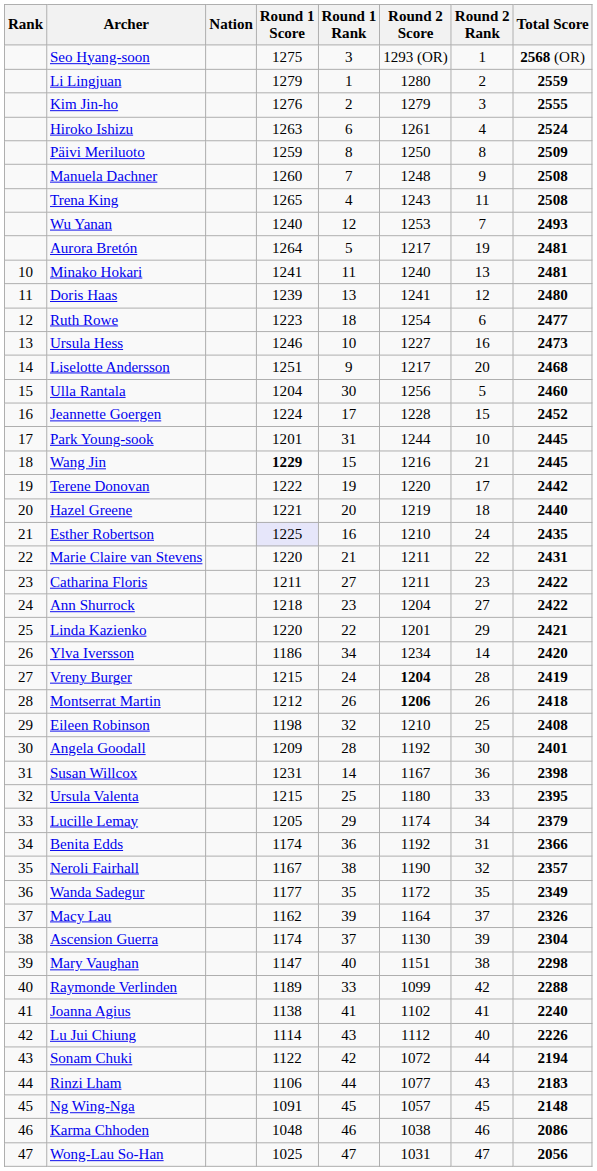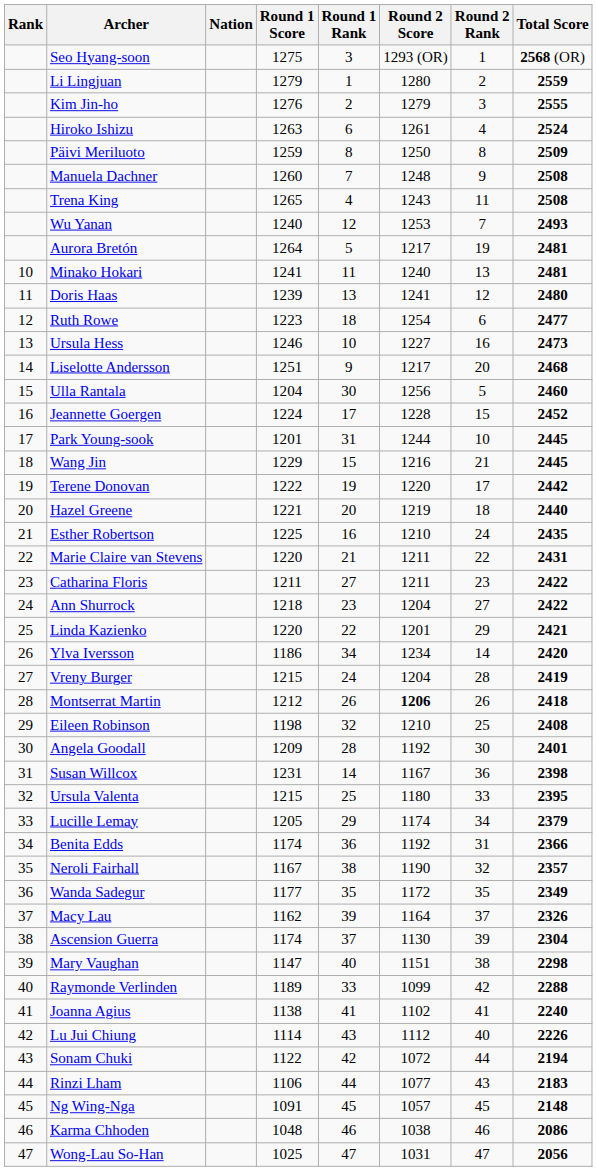 <table class="wikitable sortable" style="text-align:center;">
 <tr>
 <th>Rank</th>
 <th>Archer</th>
 <th>Nation</th>
 <th>Round 1 <br> Score</th>
 <th>Round 1 <br> Rank</th>
 <th>Round 2 <br> Score</th>
 <th>Round 2 <br> Rank</th>
 <th>Total Score</th>
 </tr>
 <tr>
 <td></td>
 <td align=left><a href='#'>Seo Hyang-soon</a></td>
 <td align=left></td>
 <td>1275</td>
 <td>3</td>
 <td>1293 (OR)</td>
 <td>1</td>
 <td><strong>2568</strong> (OR)</td>
 </tr>
 <tr>
 <td></td>
 <td align=left><a href='#'>Li Lingjuan</a></td>
 <td align=left></td>
 <td>1279</td>
 <td>1</td>
 <td>1280</td>
 <td>2</td>
 <td><strong>2559</strong></td>
 </tr>
 <tr>
 <td></td>
 <td align=left><a href='#'>Kim Jin-ho</a></td>
 <td align=left></td>
 <td>1276</td>
 <td>2</td>
 <td>1279</td>
 <td>3</td>
 <td><strong>2555</strong></td>
 </tr>
 <tr>
 <td></td>
 <td align=left><a href='#'>Hiroko Ishizu</a></td>
 <td align=left></td>
 <td>1263</td>
 <td>6</td>
 <td>1261</td>
 <td>4</td>
 <td><strong>2524</strong></td>
 </tr>
 <tr>
 <td></td>
 <td align=left><a href='#'>Päivi Meriluoto</a></td>
 <td align=left></td>
 <td>1259</td>
 <td>8</td>
 <td>1250</td>
 <td>8</td>
 <td><strong>2509</strong></td>
 </tr>
 <tr>
 <td></td>
 <td align=left><a href='#'>Manuela Dachner</a></td>
 <td align=left></td>
 <td>1260</td>
 <td>7</td>
 <td>1248</td>
 <td>9</td>
 <td><strong>2508</strong></td>
 </tr>
 <tr>
 <td></td>
 <td align=left><a href='#'>Trena King</a></td>
 <td align=left></td>
 <td>1265</td>
 <td>4</td>
 <td>1243</td>
 <td>11</td>
 <td><strong>2508</strong></td>
 </tr>
 <tr>
 <td></td>
 <td align=left><a href='#'>Wu Yanan</a></td>
 <td align=left></td>
 <td>1240</td>
 <td>12</td>
 <td>1253</td>
 <td>7</td>
 <td><strong>2493</strong></td>
 </tr>
 <tr>
 <td></td>
 <td align=left><a href='#'>Aurora Bretón</a></td>
 <td align=left></td>
 <td>1264</td>
 <td>5</td>
 <td>1217</td>
 <td>19</td>
 <td><strong>2481</strong></td>
 </tr>
 <tr>
 <td>10</td>
 <td align=left><a href='#'>Minako Hokari</a></td>
 <td align=left></td>
 <td>1241</td>
 <td>11</td>
 <td>1240</td>
 <td>13</td>
 <td><strong>2481</strong></td>
 </tr>
 <tr>
 <td>11</td>
 <td align=left><a href='#'>Doris Haas</a></td>
 <td align=left></td>
 <td>1239</td>
 <td>13</td>
 <td>1241</td>
 <td>12</td>
 <td><strong>2480</strong></td>
 </tr>
 <tr>
 <td>12</td>
 <td align=left><a href='#'>Ruth Rowe</a></td>
 <td align=left></td>
 <td>1223</td>
 <td>18</td>
 <td>1254</td>
 <td>6</td>
 <td><strong>2477</strong></td>
 </tr>
 <tr>
 <td>13</td>
 <td align=left><a href='#'>Ursula Hess</a></td>
 <td align=left></td>
 <td>1246</td>
 <td>10</td>
 <td>1227</td>
 <td>16</td>
 <td><strong>2473</strong></td>
 </tr>
 <tr>
 <td>14</td>
 <td align=left><a href='#'>Liselotte Andersson</a></td>
 <td align=left></td>
 <td>1251</td>
 <td>9</td>
 <td>1217</td>
 <td>20</td>
 <td><strong>2468</strong></td>
 </tr>
 <tr>
 <td>15</td>
 <td align=left><a href='#'>Ulla Rantala</a></td>
 <td align=left></td>
 <td>1204</td>
 <td>30</td>
 <td>1256</td>
 <td>5</td>
 <td><strong>2460</strong></td>
 </tr>
 <tr>
 <td>16</td>
 <td align=left><a href='#'>Jeannette Goergen</a></td>
 <td align=left></td>
 <td>1224</td>
 <td>17</td>
 <td>1228</td>
 <td>15</td>
 <td><strong>2452</strong></td>
 </tr>
 <tr>
 <td>17</td>
 <td align=left><a href='#'>Park Young-sook</a></td>
 <td align=left></td>
 <td>1201</td>
 <td>31</td>
 <td>1244</td>
 <td>10</td>
 <td><strong>2445</strong></td>
 </tr>
 <tr>
 <td>18</td>
 <td align=left><a href='#'>Wang Jin</a></td>
 <td align=left></td>
-<td><strong>1229</strong></td>
+<td>1229</td>
 <td>15</td>
 <td>1216</td>
 <td>21</td>
 <td><strong>2445</strong></td>
 </tr>
 <tr>
 <td>19</td>
 <td align=left><a href='#'>Terene Donovan</a></td>
 <td align=left></td>
 <td>1222</td>
 <td>19</td>
 <td>1220</td>
 <td>17</td>
 <td><strong>2442</strong></td>
 </tr>
 <tr>
 <td>20</td>
 <td align=left><a href='#'>Hazel Greene</a></td>
 <td align=left></td>
 <td>1221</td>
 <td>20</td>
 <td>1219</td>
 <td>18</td>
 <td><strong>2440</strong></td>
 </tr>
 <tr>
 <td>21</td>
 <td align=left><a href='#'>Esther Robertson</a></td>
 <td align=left></td>
-<td style="background: lavender;">1225</td>
+<td>1225</td>
 <td>16</td>
 <td>1210</td>
 <td>24</td>
 <td><strong>2435</strong></td>
 </tr>
 <tr>
 <td>22</td>
 <td align=left><a href='#'>Marie Claire van Stevens</a></td>
 <td align=left></td>
 <td>1220</td>
 <td>21</td>
 <td>1211</td>
 <td>22</td>
 <td><strong>2431</strong></td>
 </tr>
 <tr>
 <td>23</td>
 <td align=left><a href='#'>Catharina Floris</a></td>
 <td align=left></td>
 <td>1211</td>
 <td>27</td>
 <td>1211</td>
 <td>23</td>
 <td><strong>2422</strong></td>
 </tr>
 <tr>
 <td>24</td>
 <td align=left><a href='#'>Ann Shurrock</a></td>
 <td align=left></td>
 <td>1218</td>
 <td>23</td>
 <td>1204</td>
 <td>27</td>
 <td><strong>2422</strong></td>
 </tr>
 <tr>
 <td>25</td>
 <td align=left><a href='#'>Linda Kazienko</a></td>
 <td align=left></td>
 <td>1220</td>
 <td>22</td>
 <td>1201</td>
 <td>29</td>
 <td><strong>2421</strong></td>
 </tr>
 <tr>
 <td>26</td>
 <td align=left><a href='#'>Ylva Iversson</a></td>
 <td align=left></td>
 <td>1186</td>
 <td>34</td>
 <td>1234</td>
 <td>14</td>
 <td><strong>2420</strong></td>
 </tr>
 <tr>
 <td>27</td>
 <td align=left><a href='#'>Vreny Burger</a></td>
 <td align=left></td>
 <td>1215</td>
 <td>24</td>
-<td><strong>1204</strong></td>
+<td>1204</td>
 <td>28</td>
 <td><strong>2419</strong></td>
 </tr>
 <tr>
 <td>28</td>
 <td align=left><a href='#'>Montserrat Martin</a></td>
 <td align=left></td>
 <td>1212</td>
 <td>26</td>
 <td><strong>1206</strong></td>
 <td>26</td>
 <td><strong>2418</strong></td>
 </tr>
 <tr>
 <td>29</td>
 <td align=left><a href='#'>Eileen Robinson</a></td>
 <td align=left></td>
 <td>1198</td>
 <td>32</td>
 <td>1210</td>
 <td>25</td>
 <td><strong>2408</strong></td>
 </tr>
 <tr>
 <td>30</td>
 <td align=left><a href='#'>Angela Goodall</a></td>
 <td align=left></td>
 <td>1209</td>
 <td>28</td>
 <td>1192</td>
 <td>30</td>
 <td><strong>2401</strong></td>
 </tr>
 <tr>
 <td>31</td>
 <td align=left><a href='#'>Susan Willcox</a></td>
 <td align=left></td>
 <td>1231</td>
 <td>14</td>
 <td>1167</td>
 <td>36</td>
 <td><strong>2398</strong></td>
 </tr>
 <tr>
 <td>32</td>
 <td align=left><a href='#'>Ursula Valenta</a></td>
 <td align=left></td>
 <td>1215</td>
 <td>25</td>
 <td>1180</td>
 <td>33</td>
 <td><strong>2395</strong></td>
 </tr>
 <tr>
 <td>33</td>
 <td align=left><a href='#'>Lucille Lemay</a></td>
 <td align=left></td>
 <td>1205</td>
 <td>29</td>
 <td>1174</td>
 <td>34</td>
 <td><strong>2379</strong></td>
 </tr>
 <tr>
 <td>34</td>
 <td align=left><a href='#'>Benita Edds</a></td>
 <td align=left></td>
 <td>1174</td>
 <td>36</td>
 <td>1192</td>
 <td>31</td>
 <td><strong>2366</strong></td>
 </tr>
 <tr>
 <td>35</td>
 <td align=left><a href='#'>Neroli Fairhall</a></td>
 <td align=left></td>
 <td>1167</td>
 <td>38</td>
 <td>1190</td>
 <td>32</td>
 <td><strong>2357</strong></td>
 </tr>
 <tr>
 <td>36</td>
 <td align=left><a href='#'>Wanda Sadegur</a></td>
 <td align=left></td>
 <td>1177</td>
 <td>35</td>
 <td>1172</td>
 <td>35</td>
 <td><strong>2349</strong></td>
 </tr>
 <tr>
 <td>37</td>
 <td align=left><a href='#'>Macy Lau</a></td>
 <td align=left></td>
 <td>1162</td>
 <td>39</td>
 <td>1164</td>
 <td>37</td>
 <td><strong>2326</strong></td>
 </tr>
 <tr>
 <td>38</td>
 <td align=left><a href='#'>Ascension Guerra</a></td>
 <td align=left></td>
 <td>1174</td>
 <td>37</td>
 <td>1130</td>
 <td>39</td>
 <td><strong>2304</strong></td>
 </tr>
 <tr>
 <td>39</td>
 <td align=left><a href='#'>Mary Vaughan</a></td>
 <td align=left></td>
 <td>1147</td>
 <td>40</td>
 <td>1151</td>
 <td>38</td>
 <td><strong>2298</strong></td>
 </tr>
 <tr>
 <td>40</td>
 <td align=left><a href='#'>Raymonde Verlinden</a></td>
 <td align=left></td>
 <td>1189</td>
 <td>33</td>
 <td>1099</td>
 <td>42</td>
 <td><strong>2288</strong></td>
 </tr>
 <tr>
 <td>41</td>
 <td align=left><a href='#'>Joanna Agius</a></td>
 <td align=left></td>
 <td>1138</td>
 <td>41</td>
 <td>1102</td>
 <td>41</td>
 <td><strong>2240</strong></td>
 </tr>
 <tr>
 <td>42</td>
 <td align=left><a href='#'>Lu Jui Chiung</a></td>
 <td align=left></td>
 <td>1114</td>
 <td>43</td>
 <td>1112</td>
 <td>40</td>
 <td><strong>2226</strong></td>
 </tr>
 <tr>
 <td>43</td>
 <td align=left><a href='#'>Sonam Chuki</a></td>
 <td align=left></td>
 <td>1122</td>
 <td>42</td>
 <td>1072</td>
 <td>44</td>
 <td><strong>2194</strong></td>
 </tr>
 <tr>
 <td>44</td>
 <td align=left><a href='#'>Rinzi Lham</a></td>
 <td align=left></td>
 <td>1106</td>
 <td>44</td>
 <td>1077</td>
 <td>43</td>
 <td><strong>2183</strong></td>
 </tr>
 <tr>
 <td>45</td>
 <td align=left><a href='#'>Ng Wing-Nga</a></td>
 <td align=left></td>
 <td>1091</td>
 <td>45</td>
 <td>1057</td>
 <td>45</td>
 <td><strong>2148</strong></td>
 </tr>
 <tr>
 <td>46</td>
 <td align=left><a href='#'>Karma Chhoden</a></td>
 <td align=left></td>
 <td>1048</td>
 <td>46</td>
 <td>1038</td>
 <td>46</td>
 <td><strong>2086</strong></td>
 </tr>
 <tr>
 <td>47</td>
 <td align=left><a href='#'>Wong-Lau So-Han</a></td>
 <td align=left></td>
 <td>1025</td>
 <td>47</td>
 <td>1031</td>
 <td>47</td>
 <td><strong>2056</strong></td>
 </tr>
 </table>
